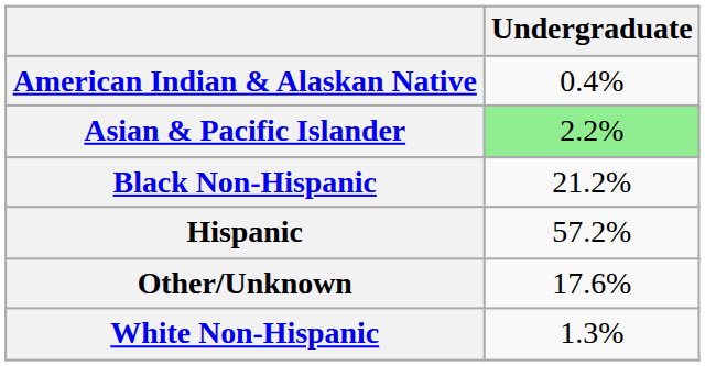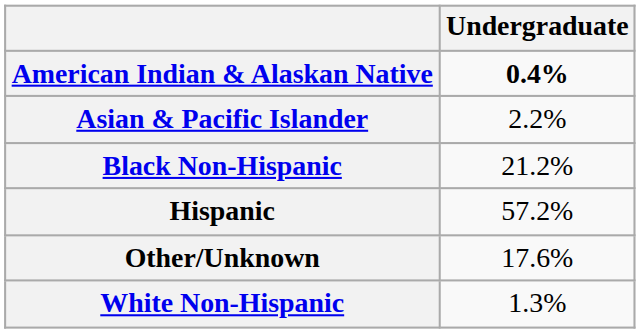 <table style="text-align:center; float: right; font-size:85%; margin-left: 2em;" align="center" class="wikitable">
 <tr>
 <th></th>
 <th>Undergraduate</th>
 </tr>
 <tr>
 <th><a href='#'>American Indian & Alaskan Native</a></th>
-<td>0.4%</td>
+<td><strong>0.4%</strong></td>
 </tr>
 <tr>
 <th><a href='#'>Asian & Pacific Islander</a></th>
-<td style="background: lightgreen;">2.2%</td>
+<td>2.2%</td>
 </tr>
 <tr>
 <th><a href='#'>Black Non-Hispanic</a></th>
 <td>21.2%</td>
 </tr>
 <tr>
 <th>Hispanic</th>
 <td>57.2%</td>
 </tr>
 <tr>
 <th>Other/Unknown</th>
 <td>17.6%</td>
 </tr>
 <tr>
 <th><a href='#'>White Non-Hispanic</a></th>
 <td>1.3%</td>
 </tr>
 </table>
